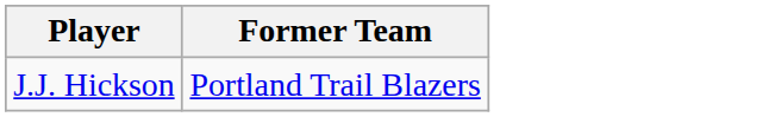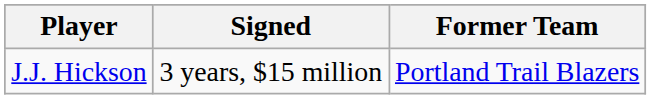 <table class="wikitable sortable sortable">
 <tr>
 <th>Player</th>
+<th>Signed</th>
 <th>Former Team</th>
 </tr>
 <tr style="text-align: center">
 <td><a href='#'>J.J. Hickson</a></td>
+<td>3 years, $15 million</td>
 <td><a href='#'>Portland Trail Blazers</a></td>
 </tr>
 </table>
